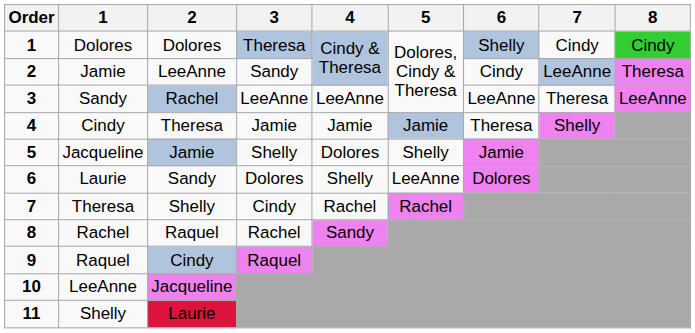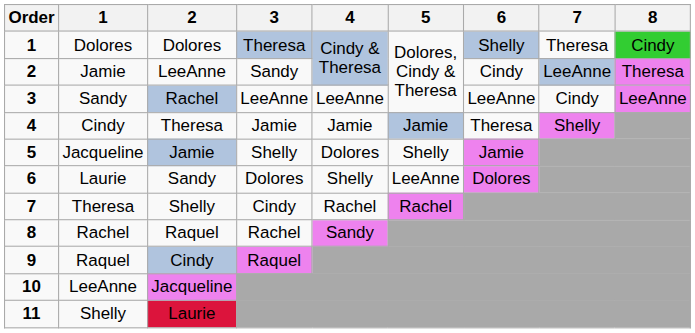 <table class="wikitable" style="text-align:center">
 <tr>
 <th>Order</th>
 <th>1</th>
 <th>2</th>
 <th>3</th>
 <th>4</th>
 <th>5</th>
 <th>6</th>
 <th>7</th>
 <th colspan="2">8</th>
 </tr>
 <tr>
 <td><strong>1</strong></td>
 <td>Dolores</td>
 <td>Dolores</td>
 <td style="background:lightsteelblue">Theresa</td>
 <td style="background:lightsteelblue" rowspan="2">Cindy &<br> Theresa</td>
 <td rowspan="3">Dolores, <br> Cindy &<br>Theresa</td>
 <td style="background:lightsteelblue">Shelly</td>
-<td>Cindy</td>
+<td>Theresa</td>
 <td style="background:limegreen">Cindy</td>
 </tr>
 <tr>
 <td><strong>2</strong></td>
 <td>Jamie</td>
 <td>LeeAnne</td>
 <td>Sandy</td>
 <td>Cindy</td>
 <td style="background:lightsteelblue">LeeAnne</td>
 <td style="background:violet">Theresa</td>
 </tr>
 <tr>
 <td><strong>3</strong></td>
 <td>Sandy</td>
 <td style="background:lightsteelblue">Rachel</td>
 <td>LeeAnne</td>
 <td>LeeAnne</td>
 <td>LeeAnne</td>
-<td>Theresa</td>
+<td>Cindy</td>
 <td style="background:violet">LeeAnne</td>
 </tr>
 <tr>
 <td><strong>4</strong></td>
 <td>Cindy</td>
 <td>Theresa</td>
 <td>Jamie</td>
 <td>Jamie</td>
 <td style="background:lightsteelblue">Jamie</td>
 <td>Theresa</td>
 <td style="background:violet">Shelly</td>
 <td colspan="11" style="background:darkgrey;"></td>
 </tr>
 <tr>
 <td><strong>5</strong></td>
 <td>Jacqueline</td>
 <td style="background:lightsteelblue">Jamie</td>
 <td>Shelly</td>
 <td>Dolores</td>
 <td>Shelly</td>
 <td style="background:violet">Jamie</td>
 <td colspan="12" style="background:darkgrey;"></td>
 </tr>
 <tr>
 <td><strong>6</strong></td>
 <td>Laurie</td>
 <td>Sandy</td>
 <td>Dolores</td>
 <td>Shelly</td>
 <td>LeeAnne</td>
 <td style="background:violet">Dolores</td>
 <td colspan="12" style="background:darkgrey;"></td>
 </tr>
 <tr>
 <td><strong>7</strong></td>
 <td>Theresa</td>
 <td>Shelly</td>
 <td>Cindy</td>
 <td>Rachel</td>
 <td style="background:violet">Rachel</td>
 <td style="background:darkgrey;" colspan="13"></td>
 </tr>
 <tr>
 <td><strong>8</strong></td>
 <td>Rachel</td>
 <td>Raquel</td>
 <td>Rachel</td>
 <td style="background:violet">Sandy</td>
 <td style="background:darkgrey;" colspan="13"></td>
 </tr>
 <tr>
 <td><strong>9</strong></td>
 <td>Raquel</td>
 <td style="background:lightsteelblue">Cindy</td>
 <td style="background:violet">Raquel</td>
 <td style="background:darkgrey;" colspan="13"></td>
 </tr>
 <tr>
 <td><strong>10</strong></td>
 <td>LeeAnne</td>
 <td style="background:violet">Jacqueline</td>
 <td style="background:darkgrey;" colspan="13"></td>
 </tr>
 <tr>
 <td><strong>11</strong></td>
 <td>Shelly</td>
 <td style="background:crimson"><span>Laurie</span></td>
 <td style="background:darkgrey;" colspan="13"></td>
 </tr>
 </table>
